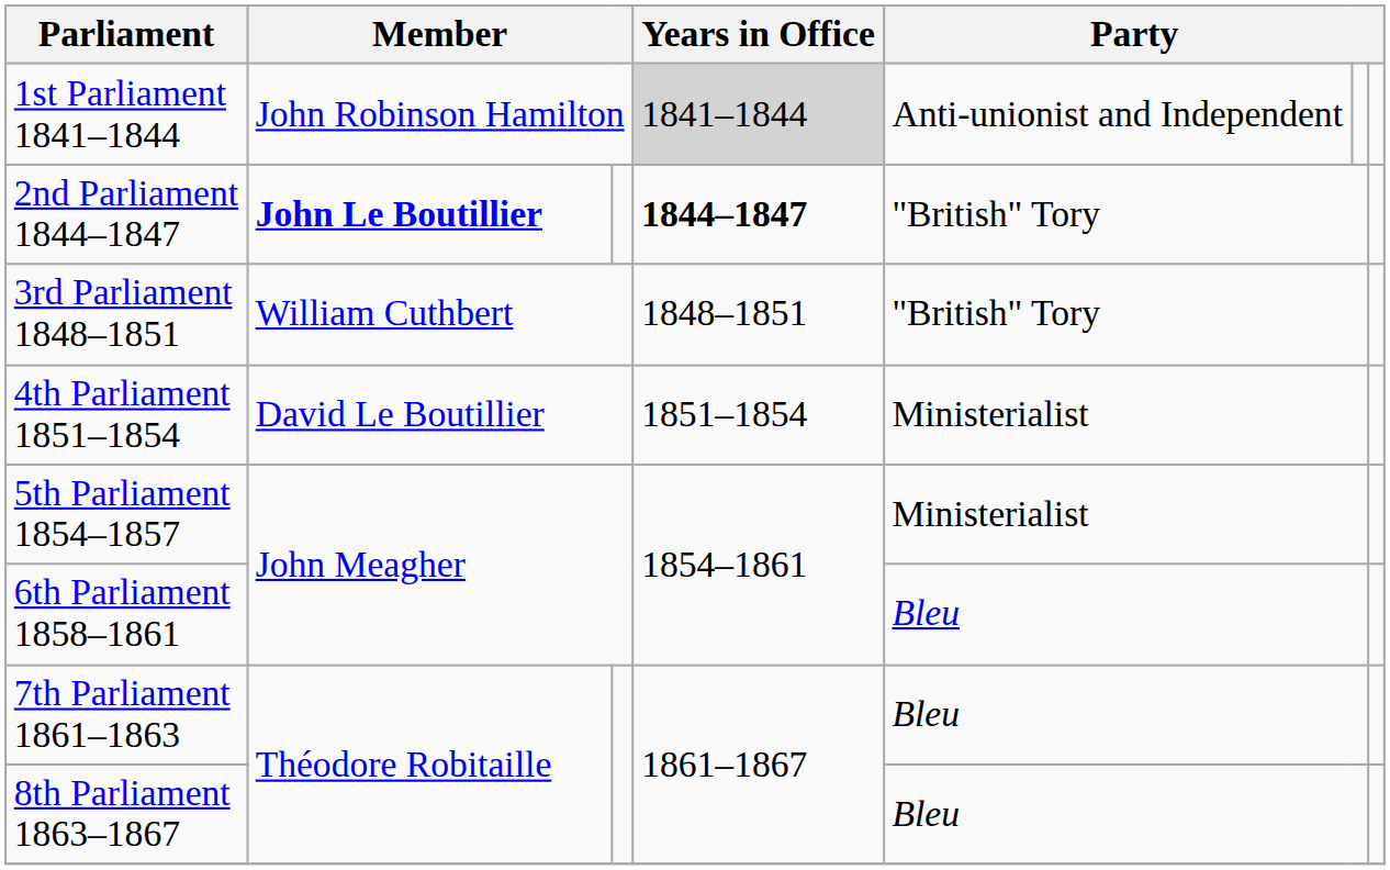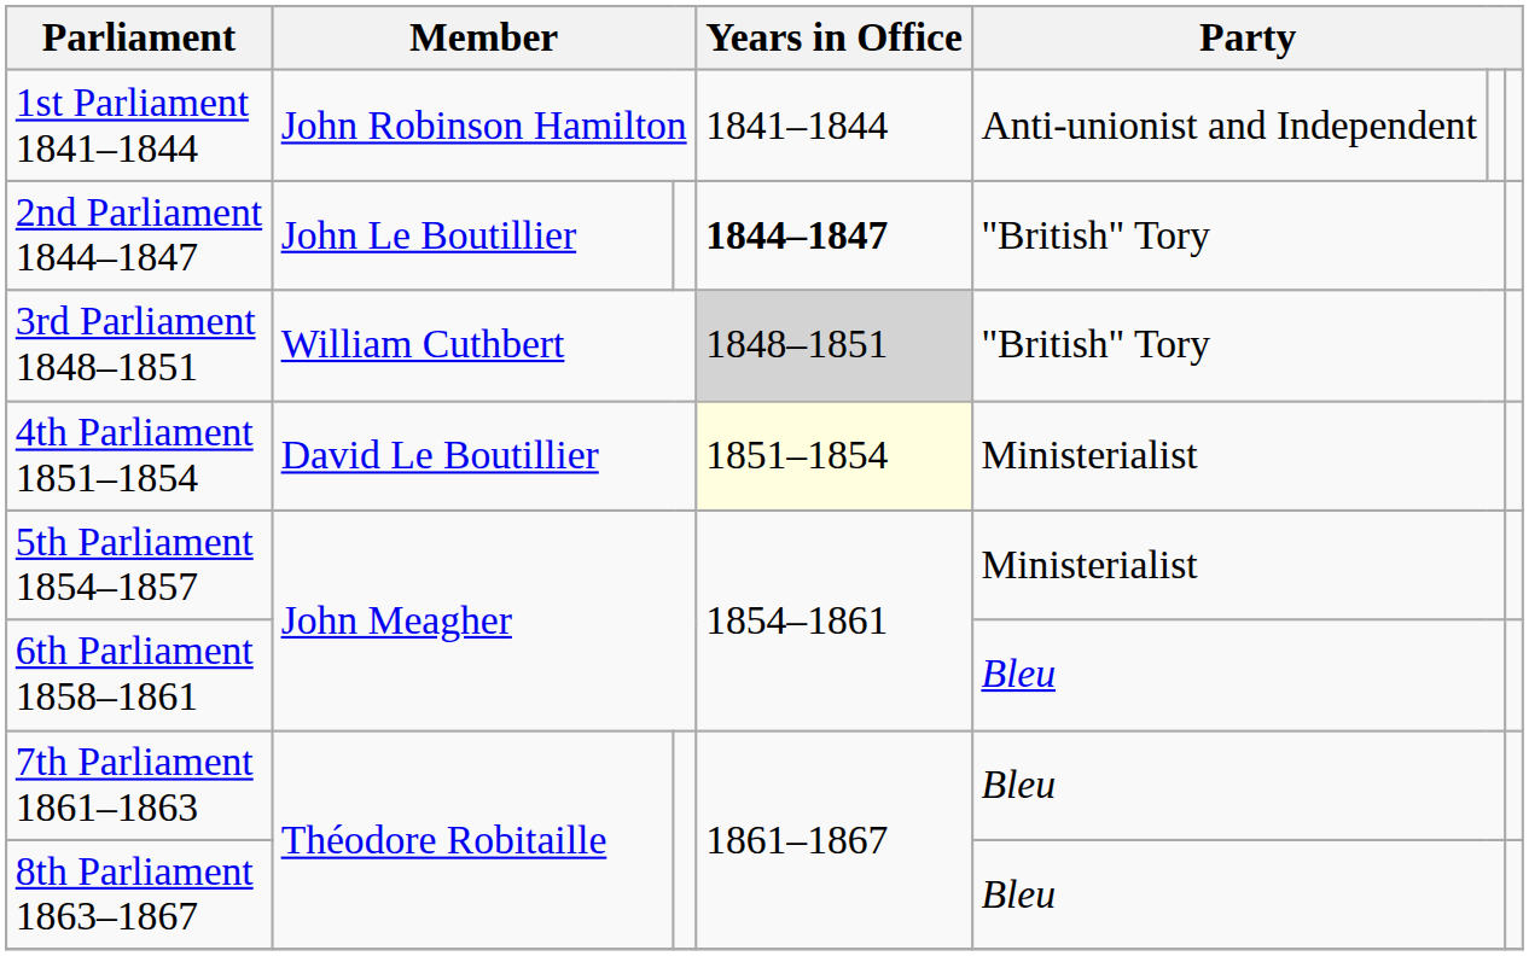 <table class="wikitable">
 <tr>
 <th>Parliament</th>
 <th colspan="2">Member</th>
 <th>Years in Office</th>
 <th colspan="3">Party</th>
 </tr>
 <tr>
 <td><a href='#'>1st Parliament</a><br>1841–1844</td>
 <td colspan="2"><a href='#'>John Robinson Hamilton</a></td>
-<td style="background: lightgrey;">1841–1844</td>
+<td>1841–1844</td>
 <td>Anti-unionist and Independent</td>
 <td></td>
 <td></td>
 </tr>
 <tr>
 <td><a href='#'>2nd Parliament</a><br>1844–1847</td>
-<td><strong><a href='#'>John Le Boutillier</a></strong></td>
+<td><a href='#'>John Le Boutillier</a></td>
 <td></td>
 <td><strong>1844–1847</strong></td>
 <td colspan="2">"British" Tory</td>
 <td></td>
 </tr>
 <tr>
 <td><a href='#'>3rd Parliament</a><br>1848–1851</td>
 <td colspan="2"><a href='#'>William Cuthbert</a></td>
-<td>1848–1851</td>
+<td style="background: lightgrey;">1848–1851</td>
 <td colspan="2">"British" Tory</td>
 <td></td>
 </tr>
 <tr>
 <td><a href='#'>4th Parliament</a><br>1851–1854</td>
 <td colspan="2"><a href='#'>David Le Boutillier</a></td>
-<td>1851–1854</td>
+<td style="background: lightyellow;">1851–1854</td>
 <td colspan="2">Ministerialist</td>
 <td></td>
 </tr>
 <tr>
 <td><a href='#'>5th Parliament</a><br>1854–1857</td>
 <td colspan="2"rowspan="2"><a href='#'>John Meagher</a></td>
 <td rowspan="2">1854–1861</td>
 <td colspan="2">Ministerialist</td>
 <td></td>
 </tr>
 <tr>
 <td><a href='#'>6th Parliament</a><br>1858–1861</td>
 <td colspan="2"><em><a href='#'>Bleu</a></em></td>
 <td></td>
 </tr>
 <tr>
 <td><a href='#'>7th Parliament</a><br>1861–1863</td>
 <td rowspan="2"><a href='#'>Théodore Robitaille</a></td>
 <td rowspan="2"></td>
 <td rowspan="2">1861–1867</td>
 <td colspan="2"><em>Bleu</em></td>
 <td></td>
 </tr>
 <tr>
 <td><a href='#'>8th Parliament</a><br> 1863–1867</td>
 <td colspan="2"><em>Bleu</em></td>
 <td></td>
 </tr>
 <tr>
 </tr>
 </table>
